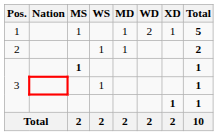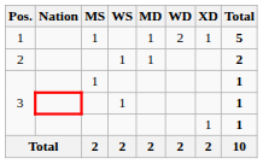 <table class="sortable wikitable" style="text-align:center">
 <tr>
 <th>Pos.</th>
 <th>Nation</th>
 <th>MS</th>
 <th>WS</th>
 <th>MD</th>
 <th>WD</th>
 <th>XD</th>
 <th>Total</th>
 </tr>
 <tr>
 <td>1</td>
 <td align="left"></td>
 <td>1</td>
 <td></td>
 <td>1</td>
 <td>2</td>
 <td>1</td>
 <td><strong>5</strong></td>
 </tr>
 <tr>
 <td>2</td>
 <td align="left"></td>
 <td></td>
 <td>1</td>
 <td>1</td>
 <td></td>
 <td></td>
 <td><strong>2</strong></td>
 </tr>
 <tr>
 <td rowspan="3">3</td>
 <td align="left"></td>
-<td><strong>1</strong></td>
+<td>1</td>
 <td></td>
 <td></td>
 <td></td>
 <td></td>
 <td><strong>1</strong></td>
 </tr>
 <tr>
 <td align="left" style="border: 3px solid red"><strong></strong></td>
 <td></td>
 <td>1</td>
 <td></td>
 <td></td>
 <td></td>
 <td><strong>1</strong></td>
 </tr>
 <tr>
 <td align="left"></td>
 <td></td>
 <td></td>
 <td></td>
 <td></td>
-<td><strong>1</strong></td>
+<td>1</td>
 <td><strong>1</strong></td>
 </tr>
 <tr>
 <th colspan="2">Total</th>
 <th>2</th>
 <th>2</th>
 <th>2</th>
 <th>2</th>
 <th>2</th>
 <th>10</th>
 </tr>
 </table>
